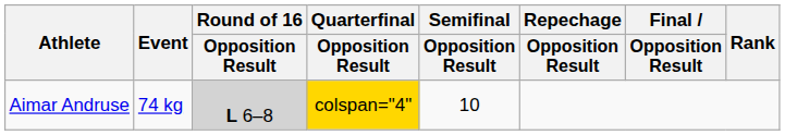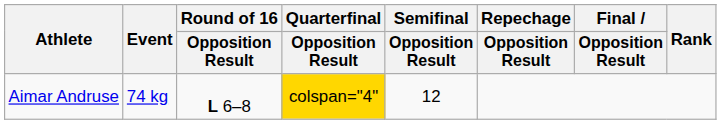 <table class="wikitable" style="font-size:90%">
 <tr>
 <th rowspan="2">Athlete</th>
 <th rowspan="2">Event</th>
 <th>Round of 16</th>
 <th>Quarterfinal</th>
 <th>Semifinal</th>
 <th>Repechage</th>
 <th>Final / </th>
 <th rowspan="2">Rank</th>
 </tr>
 <tr style="font-size: 95%">
 <th>Opposition<br>Result</th>
 <th>Opposition<br>Result</th>
 <th>Opposition<br>Result</th>
 <th>Opposition<br>Result</th>
 <th>Opposition<br>Result</th>
 </tr>
 <tr align=center>
 <td align=left><a href='#'>Aimar Andruse</a></td>
 <td align=left><a href='#'>74 kg</a></td>
-<td style="background: lightgrey;"><br><strong>L</strong> 6–8 </td>
+<td><br><strong>L</strong> 6–8 </td>
 <td style="background: gold;">colspan="4" </td>
-<td>10</td>
+<td>12</td>
 </tr>
 </table>
